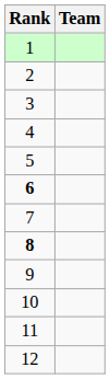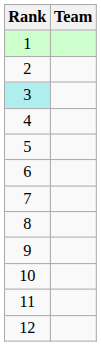 <table class="wikitable">
 <tr>
 <th>Rank</th>
 <th>Team</th>
 </tr>
 <tr style="background:#ccffcc;">
 <td align=center>1</td>
 <td> </td>
 </tr>
 <tr>
 <td align=center>2</td>
 <td></td>
 </tr>
 <tr>
-<td align=center>3</td>
+<td align=center style="background: paleturquoise;">3</td>
 <td></td>
 </tr>
 <tr>
 <td align=center>4</td>
 <td></td>
 </tr>
 <tr>
 <td align=center>5</td>
 <td></td>
 </tr>
 <tr>
-<td align=center><strong>6</strong></td>
+<td align=center>6</td>
 <td></td>
 </tr>
 <tr>
 <td align=center>7</td>
 <td></td>
 </tr>
 <tr>
-<td align=center><strong>8</strong></td>
+<td align=center>8</td>
 <td></td>
 </tr>
 <tr>
 <td align=center>9</td>
 <td></td>
 </tr>
 <tr>
 <td align=center>10</td>
 <td></td>
 </tr>
 <tr>
 <td align=center>11</td>
 <td></td>
 </tr>
 <tr>
 <td align=center>12</td>
 <td></td>
 </tr>
 </table>
